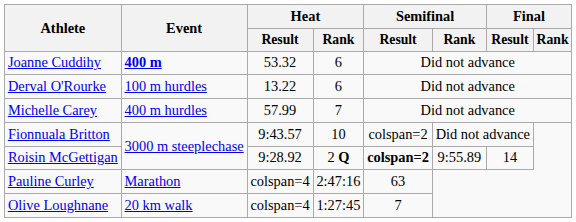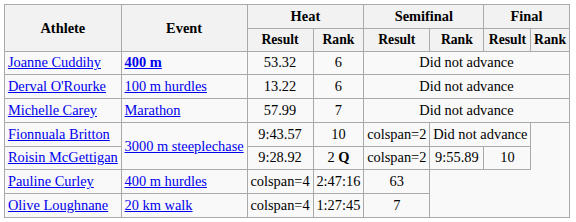 <table class=wikitable style="font-size:90%">
 <tr>
 <th rowspan="2">Athlete</th>
 <th rowspan="2">Event</th>
 <th colspan="2">Heat</th>
 <th colspan="2">Semifinal</th>
 <th colspan="2">Final</th>
 </tr>
 <tr style="font-size:95%">
 <th>Result</th>
 <th>Rank</th>
 <th>Result</th>
 <th>Rank</th>
 <th>Result</th>
 <th>Rank</th>
 </tr>
 <tr align=center>
 <td align=left><a href='#'>Joanne Cuddihy</a></td>
 <td align=left><strong><a href='#'>400 m</a></strong></td>
 <td>53.32</td>
 <td>6</td>
 <td colspan=4>Did not advance</td>
 </tr>
 <tr align=center>
 <td align=left><a href='#'>Derval O'Rourke</a></td>
 <td align=left><a href='#'>100 m hurdles</a></td>
 <td>13.22</td>
 <td>6</td>
 <td colspan=4>Did not advance</td>
 </tr>
 <tr align=center>
 <td align=left><a href='#'>Michelle Carey</a></td>
-<td align=left><a href='#'>400 m hurdles</a></td>
+<td align=left><a href='#'>Marathon</a></td>
 <td>57.99</td>
 <td>7</td>
 <td colspan=4>Did not advance</td>
 </tr>
 <tr align=center>
 <td align=left><a href='#'>Fionnuala Britton</a></td>
 <td align=left rowspan=2><a href='#'>3000 m steeplechase</a></td>
 <td>9:43.57</td>
 <td>10</td>
 <td>colspan=2 </td>
 <td colspan=2>Did not advance</td>
 </tr>
 <tr align=center>
 <td align=left><a href='#'>Roisin McGettigan</a></td>
 <td>9:28.92</td>
 <td>2 <strong>Q</strong></td>
-<td><strong>colspan=2 </strong></td>
+<td>colspan=2 </td>
 <td>9:55.89</td>
-<td>14</td>
+<td>10</td>
 </tr>
 <tr align=center>
 <td align=left><a href='#'>Pauline Curley</a></td>
-<td align=left><a href='#'>Marathon</a></td>
+<td align=left><a href='#'>400 m hurdles</a></td>
 <td>colspan=4 </td>
 <td>2:47:16</td>
 <td>63</td>
 </tr>
 <tr align=center>
 <td align=left><a href='#'>Olive Loughnane</a></td>
 <td align=left><a href='#'>20 km walk</a></td>
 <td>colspan=4 </td>
 <td>1:27:45</td>
 <td>7</td>
 </tr>
 </table>
